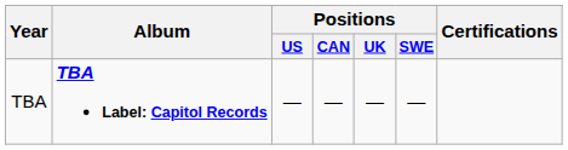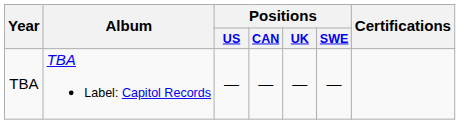 <table class="wikitable" style="text-align:center;">
 <tr>
 <th rowspan="2">Year</th>
 <th rowspan="2">Album</th>
 <th colspan="4">Positions</th>
 <th rowspan="2">Certifications</th>
 </tr>
 <tr style="font-size:smaller">
 <th style="width:30px;"><a href='#'>US</a></th>
 <th style="width:30px;"><a href='#'>CAN</a></th>
 <th style="width:30px;"><a href='#'>UK</a></th>
 <th style="width:30px;"><a href='#'>SWE</a></th>
 </tr>
 <tr>
 <td>TBA</td>
-<td style="text-align:left;"><strong><em><a href='#'>TBA</a></em><br><ul><li><small>Label: <a href='#'>Capitol Records</a></small></li></ul></strong></td>
+<td style="text-align:left;"><em><a href='#'>TBA</a></em><br><ul><li><small>Label: <a href='#'>Capitol Records</a></small></li></ul></td>
 <td>—</td>
 <td>—</td>
 <td>—</td>
 <td>—</td>
 <td></td>
 </tr>
 </table>
